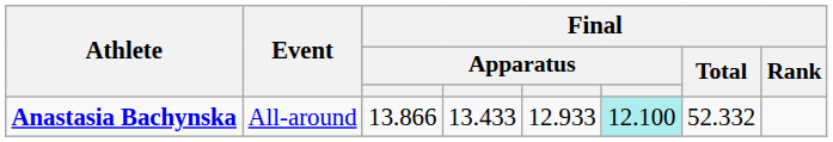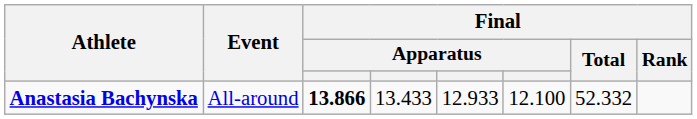 <table class="wikitable" style="font-size:90%">
 <tr>
 <th rowspan=3>Athlete</th>
 <th rowspan=3>Event</th>
 <th colspan=6>Final</th>
 </tr>
 <tr style="font-size:95%">
 <th colspan=4>Apparatus</th>
 <th rowspan=2>Total</th>
 <th rowspan=2>Rank</th>
 </tr>
 <tr style="font-size:95%">
 <th></th>
 <th></th>
 <th></th>
 <th></th>
 </tr>
 <tr align=center>
 <td align=left><strong><a href='#'>Anastasia Bachynska</a></strong></td>
 <td align=left><a href='#'>All-around</a></td>
-<td>13.866</td>
+<td><strong>13.866</strong></td>
 <td>13.433</td>
 <td>12.933</td>
-<td style="background: paleturquoise;">12.100</td>
+<td>12.100</td>
 <td>52.332</td>
 <td></td>
 </tr>
 </table>
